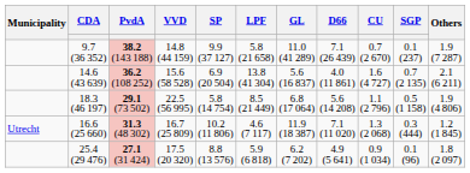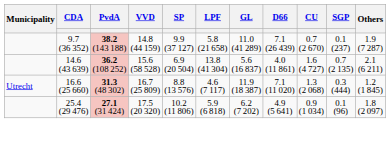 <table class="wikitable sortable" style="text-align:center;font-size:90%;line-height:14px">
 <tr style="height:40px;">
 <th rowspan="2">Municipality</th>
 <th style="width:40px;"><a href='#'>CDA</a></th>
 <th style="width:40px;"><a href='#'>PvdA</a></th>
 <th style="width:40px;"><a href='#'>VVD</a></th>
 <th style="width:40px;"><a href='#'>SP</a></th>
 <th style="width:40px;"><a href='#'>LPF</a></th>
 <th style="width:40px;"><a href='#'>GL</a></th>
 <th style="width:40px;"><a href='#'>D66</a></th>
 <th style="width:40px;"><a href='#'>CU</a></th>
 <th style="width:40px;"><a href='#'>SGP</a></th>
 <th style="width:40px;" rowspan="2">Others</th>
 </tr>
 <tr>
 <th style="background:"></th>
 <th style="background:"></th>
 <th style="background:"></th>
 <th style="background:"></th>
 <th style="background:"></th>
 <th style="background:"></th>
 <th style="background:"></th>
 <th style="background:"></th>
 <th style="background:"></th>
 </tr>
 <tr>
 <td align="left"></td>
 <td>9.7<br><span>(36 352)</span></td>
 <td style="background:#F6C5C1"><strong>38.2</strong><br><span>(143 188)</span></td>
 <td>14.8<br><span>(44 159)</span></td>
 <td>9.9<br><span>(37 127)</span></td>
 <td>5.8<br><span>(21 658)</span></td>
 <td>11.0<br><span>(41 289)</span></td>
 <td>7.1<br><span>(26 439)</span></td>
 <td>0.7<br><span>(2 670)</span></td>
 <td>0.1<br><span>(237)</span></td>
 <td>1.9<br><span>(7 287)</span></td>
 </tr>
 <tr>
 <td align="left"></td>
 <td>14.6<br><span>(43 639)</span></td>
 <td style="background:#F6C5C1"><strong>36.2</strong><br><span>(108 252)</span></td>
 <td>15.6<br><span>(58 528)</span></td>
 <td>6.9<br><span>(20 504)</span></td>
 <td>13.8<br><span>(41 304)</span></td>
 <td>5.6<br><span>(16 837)</span></td>
 <td>4.0<br><span>(11 861)</span></td>
 <td>1.6<br><span>(4 727)</span></td>
 <td>0.7<br><span>(2 135)</span></td>
 <td>2.1<br><span>(6 211)</span></td>
 </tr>
 <tr>
-<td align="left"></td>
-<td>18.3<br><span>(46 197)</span></td>
-<td style="background:#F6C5C1"><strong>29.1</strong><br><span>(73 502)</span></td>
-<td>22.5<br><span>(56 995)</span></td>
-<td>5.8<br><span>(14 754)</span></td>
-<td>8.5<br><span>(21 449)</span></td>
-<td>6.8<br><span>(17 064)</span></td>
-<td>5.6<br><span>(14 208)</span></td>
-<td>1.1<br><span>(2 796)</span></td>
-<td>0.5<br><span>(1 158)</span></td>
-<td>1.9<br><span>(4 806)</span></td>
-</tr>
-<tr>
 <td align="left"> <a href='#'>Utrecht</a></td>
 <td>16.6<br><span>(25 660)</span></td>
 <td style="background:#F6C5C1"><strong>31.3</strong><br><span>(48 302)</span></td>
 <td>16.7<br><span>(25 809)</span></td>
-<td>10.2<br><span>(11 806)</span></td>
+<td>8.8<br><span>(13 576)</span></td>
 <td>4.6<br><span>(7 117)</span></td>
 <td>11.9<br><span>(18 387)</span></td>
 <td>7.1<br><span>(11 020)</span></td>
 <td>1.3<br><span>(2 068)</span></td>
 <td>0.3<br><span>(444)</span></td>
 <td>1.2<br><span>(1 845)</span></td>
 </tr>
 <tr>
 <td align="left"></td>
 <td>25.4<br><span>(29 476)</span></td>
 <td style="background:#F6C5C1"><strong>27.1</strong><br><span>(31 424)</span></td>
 <td>17.5<br><span>(20 320)</span></td>
-<td>8.8<br><span>(13 576)</span></td>
+<td>10.2<br><span>(11 806)</span></td>
 <td>5.9<br><span>(6 818)</span></td>
 <td>6.2<br><span>(7 202)</span></td>
 <td>4.9<br><span>(5 641)</span></td>
 <td>0.9<br><span>(1 034)</span></td>
 <td>0.1<br><span>(96)</span></td>
 <td>1.8<br><span>(2 097)</span></td>
 </tr>
 </table>
